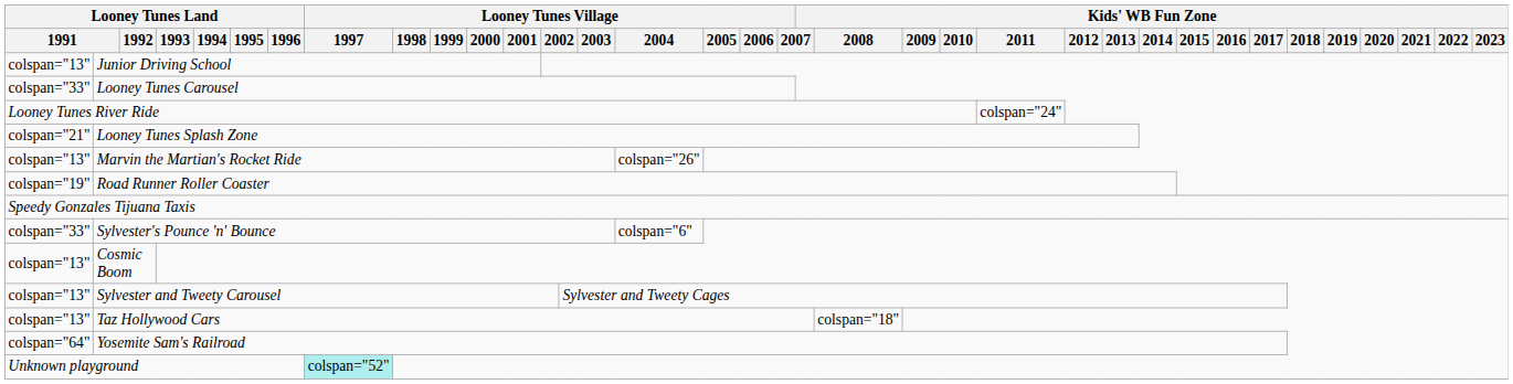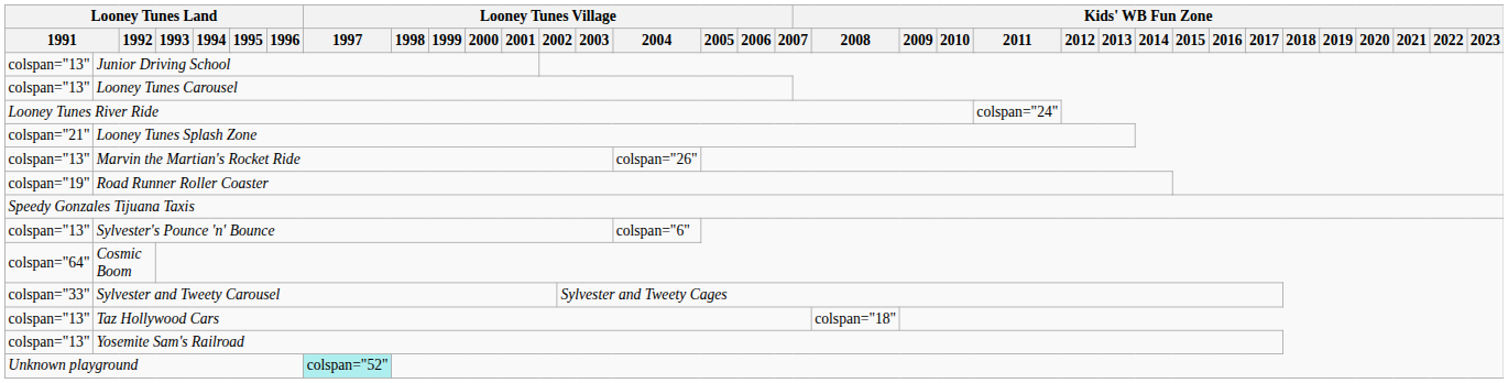 <table class="wikitable">
 <tr>
 <th colspan="13">Looney Tunes Land</th>
 <th colspan="20">Looney Tunes Village</th>
 <th colspan="32">Kids' WB Fun Zone</th>
 </tr>
 <tr>
 <th colspan="2">1991</th>
 <th colspan="2">1992</th>
 <th colspan="2">1993</th>
 <th colspan="2">1994</th>
 <th colspan="2">1995</th>
 <th colspan="2">1996</th>
 <th colspan="2">1997</th>
 <th colspan="2">1998</th>
 <th colspan="2">1999</th>
 <th colspan="2">2000</th>
 <th colspan="2">2001</th>
 <th colspan="2">2002</th>
 <th colspan="2">2003</th>
 <th colspan="2">2004</th>
 <th colspan="2">2005</th>
 <th colspan="2">2006</th>
 <th colspan="2">2007</th>
 <th colspan="2">2008</th>
 <th colspan="2">2009</th>
 <th colspan="2">2010</th>
 <th colspan="2">2011</th>
 <th colspan="2">2012</th>
 <th colspan="2">2013</th>
 <th colspan="2">2014</th>
 <th colspan="2">2015</th>
 <th colspan="2">2016</th>
 <th colspan="2">2017</th>
 <th colspan="2">2018</th>
 <th colspan="2">2019</th>
 <th colspan="2">2020</th>
 <th colspan="2">2021</th>
 <th colspan="2">2022</th>
 <th colspan="2">2023</th>
 </tr>
 <tr>
 <td>colspan="13" </td>
 <td colspan="20"><em>Junior Driving School</em></td>
 </tr>
 <tr>
-<td>colspan="33" </td>
+<td>colspan="13" </td>
 <td colspan="32"><em>Looney Tunes Carousel</em></td>
 </tr>
 <tr>
 <td colspan="41"><em>Looney Tunes River Ride</em></td>
 <td>colspan="24" </td>
 </tr>
 <tr>
 <td>colspan="21" </td>
 <td colspan="44"><em>Looney Tunes Splash Zone</em></td>
 </tr>
 <tr>
 <td>colspan="13" </td>
 <td colspan="26"><em>Marvin the Martian's Rocket Ride</em></td>
 <td>colspan="26" </td>
 </tr>
 <tr>
 <td>colspan="19" </td>
 <td colspan="46"><em>Road Runner Roller Coaster</em></td>
 </tr>
 <tr>
 <td colspan="65"><em>Speedy Gonzales Tijuana Taxis</em></td>
 </tr>
 <tr>
-<td>colspan="33" </td>
+<td>colspan="13" </td>
 <td colspan="26"><em>Sylvester's Pounce 'n' Bounce</em></td>
 <td>colspan="6" </td>
 </tr>
 <tr>
-<td>colspan="13" </td>
+<td>colspan="64" </td>
 <td colspan="2"><em> Cosmic Boom</em></td>
 </tr>
 <tr>
-<td>colspan="13" </td>
+<td>colspan="33" </td>
 <td colspan="22"><em>Sylvester and Tweety Carousel</em></td>
 <td colspan="30"><em>Sylvester and Tweety Cages</em></td>
 </tr>
 <tr>
 <td>colspan="13" </td>
 <td colspan="34"><em>Taz Hollywood Cars</em></td>
 <td>colspan="18" </td>
 </tr>
 <tr>
-<td>colspan="64" </td>
+<td>colspan="13" </td>
 <td colspan="52"><em>Yosemite Sam's Railroad</em></td>
 </tr>
 <tr>
 <td colspan="13"><em>Unknown playground</em></td>
 <td style="background: paleturquoise;">colspan="52" </td>
 </tr>
 </table>
